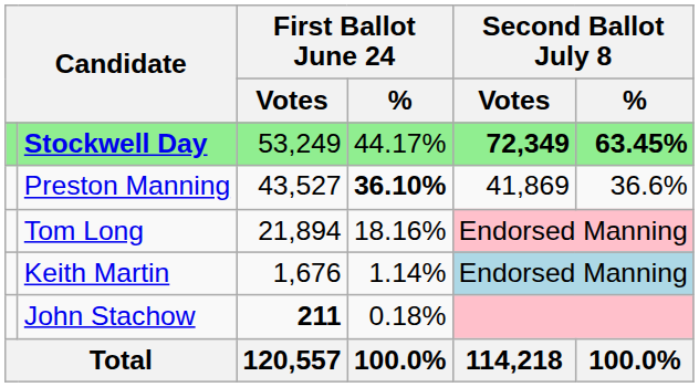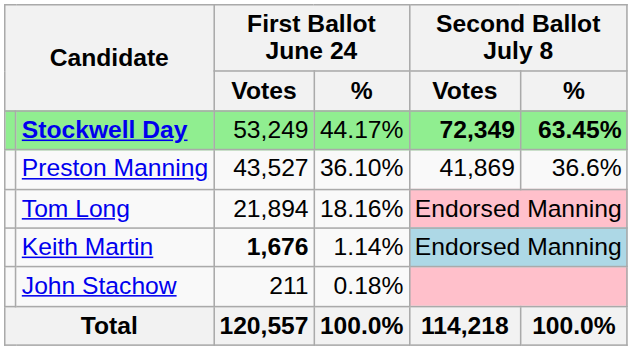 <table class="wikitable">
 <tr>
 <th rowspan="2" colspan="2">Candidate</th>
 <th colspan="2">First Ballot<br>June 24</th>
 <th colspan="2">Second Ballot<br>July 8</th>
 </tr>
 <tr>
 <th>Votes</th>
 <th>%</th>
 <th>Votes</th>
 <th>%</th>
 </tr>
 <tr style="background:lightgreen;">
 <td></td>
 <td><strong><a href='#'>Stockwell Day</a></strong></td>
 <td align="right">53,249</td>
 <td align="right">44.17%</td>
 <td align="right"><strong>72,349</strong></td>
 <td align="right"><strong>63.45%</strong></td>
 </tr>
 <tr>
 <td></td>
 <td><a href='#'>Preston Manning</a></td>
 <td align="right">43,527</td>
-<td align="right"><strong>36.10%</strong></td>
+<td align="right">36.10%</td>
 <td align="right">41,869</td>
 <td align="right">36.6%</td>
 </tr>
 <tr>
 <td></td>
 <td><a href='#'>Tom Long</a></td>
 <td align="right">21,894</td>
 <td align="right">18.16%</td>
 <td style="text-align:center; background:pink;" colspan="2">Endorsed Manning</td>
 </tr>
 <tr>
 <td></td>
 <td><a href='#'>Keith Martin</a></td>
-<td align="right">1,676</td>
+<td align="right"><strong>1,676</strong></td>
 <td align="right">1.14%</td>
 <td style="text-align:center; background:lightblue;" colspan="2">Endorsed Manning</td>
 </tr>
 <tr>
 <td></td>
 <td><a href='#'>John Stachow</a></td>
-<td align="right"><strong>211</strong></td>
+<td align="right">211</td>
 <td align="right">0.18%</td>
 <td style="text-align:center; background:pink;" colspan="2"></td>
 </tr>
 <tr>
 <th colspan="2">Total</th>
 <th align="right">120,557</th>
 <th align="right">100.0%</th>
 <th align="right">114,218</th>
 <th align="right">100.0%</th>
 </tr>
 </table>
